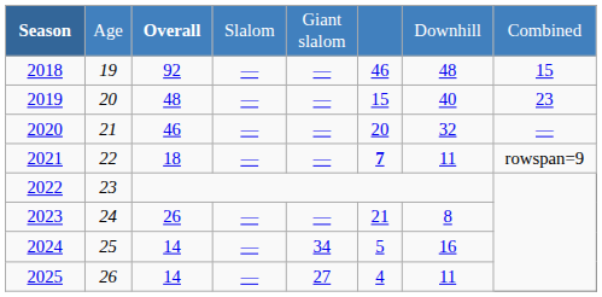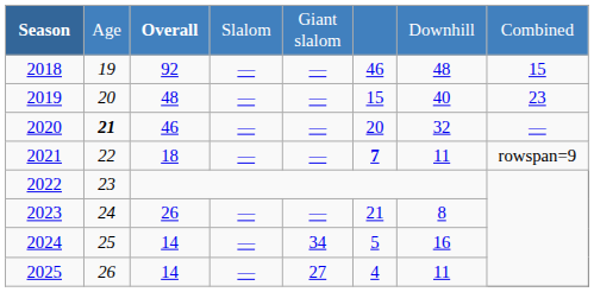 <table class="wikitable"  style="font-size:95%; text-align:center; border:gray solid 1px; width:40%;">
 <tr style="background:#369; color:white;">
 <td rowspan="2" style="width:6%;"><strong>Season</strong></td>
 </tr>
 <tr style="background:#4180be; color:white;">
 <td style="width:3%;">Age</td>
 <td style="width:5%;"><strong>Overall</strong></td>
 <td style="width:5%;">Slalom</td>
 <td style="width:5%;">Giant<br>slalom</td>
 <td style="width:5%;"></td>
 <td style="width:5%;">Downhill</td>
 <td style="width:5%;">Combined</td>
 </tr>
 <tr>
 <td><a href='#'>2018</a></td>
 <td><em>19</em></td>
 <td><a href='#'>92</a></td>
 <td><a href='#'>—</a></td>
 <td><a href='#'>—</a></td>
 <td><a href='#'>46</a></td>
 <td><a href='#'>48</a></td>
 <td><a href='#'>15</a></td>
 </tr>
 <tr>
 <td><a href='#'>2019</a></td>
 <td><em>20</em></td>
 <td><a href='#'>48</a></td>
 <td><a href='#'>—</a></td>
 <td><a href='#'>—</a></td>
 <td><a href='#'>15</a></td>
 <td><a href='#'>40</a></td>
 <td><a href='#'>23</a></td>
 </tr>
 <tr>
 <td><a href='#'>2020</a></td>
-<td><em>21</em></td>
+<td><strong><em>21</em></strong></td>
 <td><a href='#'>46</a></td>
 <td><a href='#'>—</a></td>
 <td><a href='#'>—</a></td>
 <td><a href='#'>20</a></td>
 <td><a href='#'>32</a></td>
 <td><a href='#'>—</a></td>
 </tr>
 <tr>
 <td><a href='#'>2021</a></td>
 <td><em>22</em></td>
 <td><a href='#'>18</a></td>
 <td><a href='#'>—</a></td>
 <td><a href='#'>—</a></td>
 <td><strong><a href='#'>7</a></strong></td>
 <td><a href='#'>11</a></td>
 <td>rowspan=9 </td>
 </tr>
 <tr>
 <td><a href='#'>2022</a></td>
 <td><em>23</em></td>
 <td colspan=5><em></em></td>
 </tr>
 <tr>
 <td><a href='#'>2023</a></td>
 <td><em>24</em></td>
 <td><a href='#'>26</a></td>
 <td><a href='#'>—</a></td>
 <td><a href='#'>—</a></td>
 <td><a href='#'>21</a></td>
 <td><a href='#'>8</a></td>
 </tr>
 <tr>
 <td><a href='#'>2024</a></td>
 <td><em>25</em></td>
 <td><a href='#'>14</a></td>
 <td><a href='#'>—</a></td>
 <td><a href='#'>34</a></td>
 <td><a href='#'>5</a></td>
 <td><a href='#'>16</a></td>
 </tr>
 <tr>
 <td><a href='#'>2025</a></td>
 <td><em>26</em></td>
 <td><a href='#'>14</a></td>
 <td><a href='#'>—</a></td>
 <td><a href='#'>27</a></td>
 <td><a href='#'>4</a></td>
 <td><a href='#'>11</a></td>
 </tr>
 </table>
